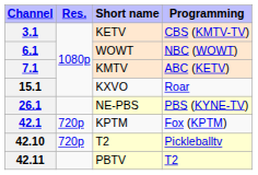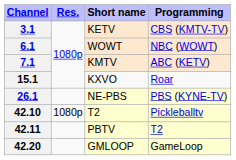 <table class="wikitable">
 <tr>
 <th style="background-color: #bdbdff" scope = "col"><a href='#'>Channel</a></th>
 <th style="background-color: #bdbdff" scope = "col"><a href='#'>Res.</a></th>
 <th style="background-color: #bdbdff" scope = "col">Short name</th>
 <th style="background-color: #bdbdff" scope = "col">Programming</th>
 </tr>
 <tr>
 <th scope = "row"><a href='#'>3.1</a></th>
 <td rowspan=4><a href='#'>1080p</a></td>
 <td style="background-color:#ffe8d0">KETV</td>
 <td style="background-color:#ffe8d0"><a href='#'>CBS</a> (<a href='#'>KMTV-TV</a>) </td>
 </tr>
 <tr>
 <th scope = "row"><a href='#'>6.1</a></th>
 <td style="background-color:#ffe8d0">WOWT</td>
 <td style="background-color:#ffe8d0"><a href='#'>NBC</a> (<a href='#'>WOWT</a>) </td>
 </tr>
 <tr>
 <th scope = "row"><a href='#'>7.1</a></th>
 <td style="background-color:#ffe8d0">KMTV</td>
 <td style="background-color:#ffe8d0"><a href='#'>ABC</a> (<a href='#'>KETV</a>) </td>
 </tr>
 <tr>
 <th scope = "row">15.1</th>
 <td>KXVO</td>
 <td><a href='#'>Roar</a></td>
 </tr>
 <tr>
 <th scope = "row"><a href='#'>26.1</a></th>
 <td></td>
 <td style="background-color:#ffffd0">NE-PBS</td>
 <td style="background-color:#ffffd0"><a href='#'>PBS</a> (<a href='#'>KYNE-TV</a>)</td>
 </tr>
 <tr>
-<th scope = "row"><a href='#'>42.1</a></th>
-<td><a href='#'>720p</a></td>
-<td>KPTM</td>
-<td><a href='#'>Fox</a> (<a href='#'>KPTM</a>)</td>
-</tr>
-<tr>
 <th scope = "row">42.10</th>
-<td><a href='#'>720p</a></td>
+<td>1080p</td>
 <td style="background-color:#ffffd0">T2</td>
 <td style="background-color:#ffffd0"><a href='#'>Pickleballtv</a></td>
 </tr>
 <tr>
 <th scope = "row">42.11</th>
 <td></td>
 <td style="background-color:#ffffd0">PBTV</td>
 <td style="background-color:#ffffd0"><a href='#'>T2</a></td>
 </tr>
+<tr>
+<th scope = "row">42.20</th>
+<td></td>
+<td style="background-color:#ffffd0">GMLOOP</td>
+<td style="background-color:#ffffd0">GameLoop</td>
+</tr>
 </table>
